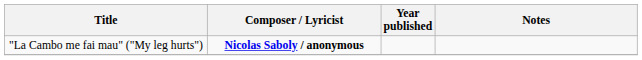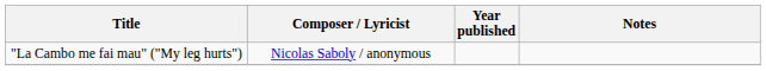 <table class="wikitable" style="text-align:center;">
 <tr>
 <th width="300">Title</th>
 <th width="250">Composer / Lyricist</th>
 <th width="20">Year published</th>
 <th width="300">Notes</th>
 </tr>
 <tr>
 <td>"La Cambo me fai mau" ("My leg hurts")</td>
-<td><strong><a href='#'>Nicolas Saboly</a> / anonymous</strong></td>
+<td><a href='#'>Nicolas Saboly</a> / anonymous</td>
 <td></td>
 <td></td>
 </tr>
 <tr>
 </tr>
 </table>
